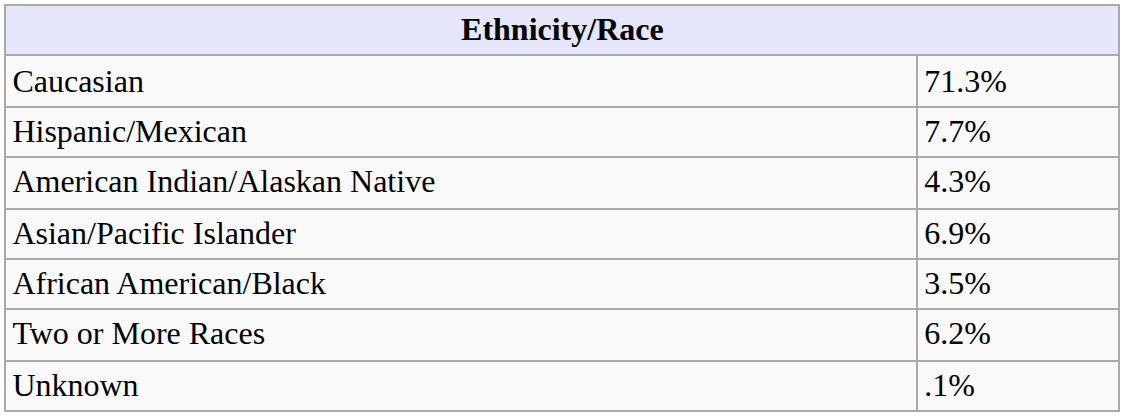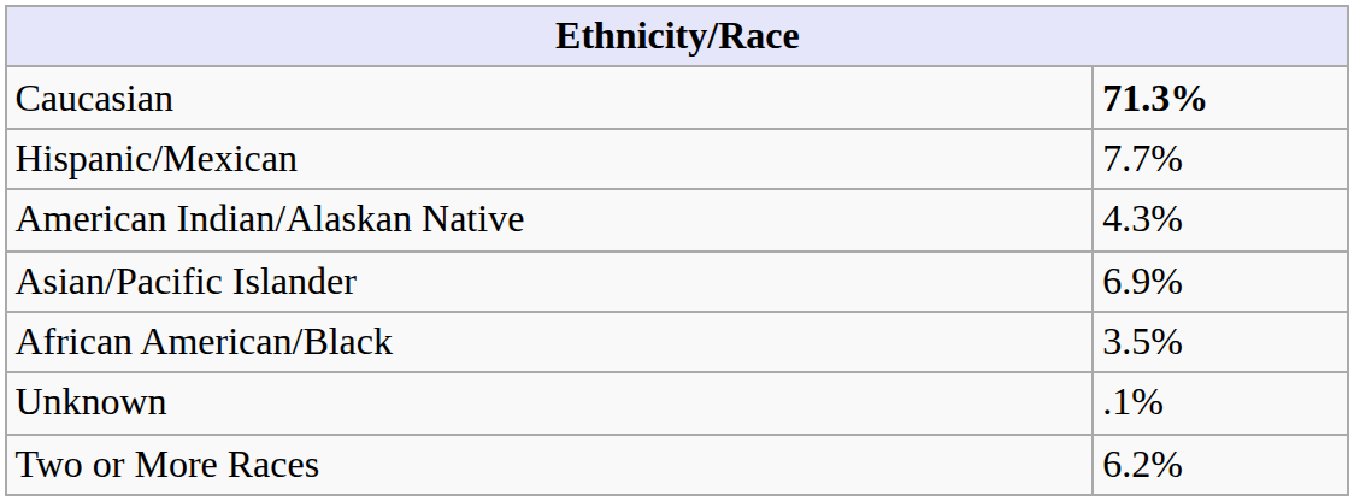 <table class="wikitable">
 <tr>
 <th colspan=2 style="background:Lavender; color: black; width: 550px; height: 10px; align:left">Ethnicity/Race</th>
 </tr>
 <tr>
 <td>Caucasian</td>
-<td>71.3%</td>
+<td><strong>71.3%</strong></td>
 </tr>
 <tr>
 <td>Hispanic/Mexican</td>
 <td>7.7%</td>
 </tr>
 <tr>
 <td>American Indian/Alaskan Native</td>
 <td>4.3%</td>
 </tr>
 <tr>
 <td>Asian/Pacific Islander</td>
 <td>6.9%</td>
 </tr>
 <tr>
 <td>African American/Black</td>
 <td>3.5%</td>
 </tr>
 <tr>
+<td>Unknown</td>
+<td>.1%</td>
+</tr>
+<tr>
 <td>Two or More Races</td>
 <td>6.2%</td>
 </tr>
-<tr>
-<td>Unknown</td>
-<td>.1%</td>
-</tr>
 </table>
